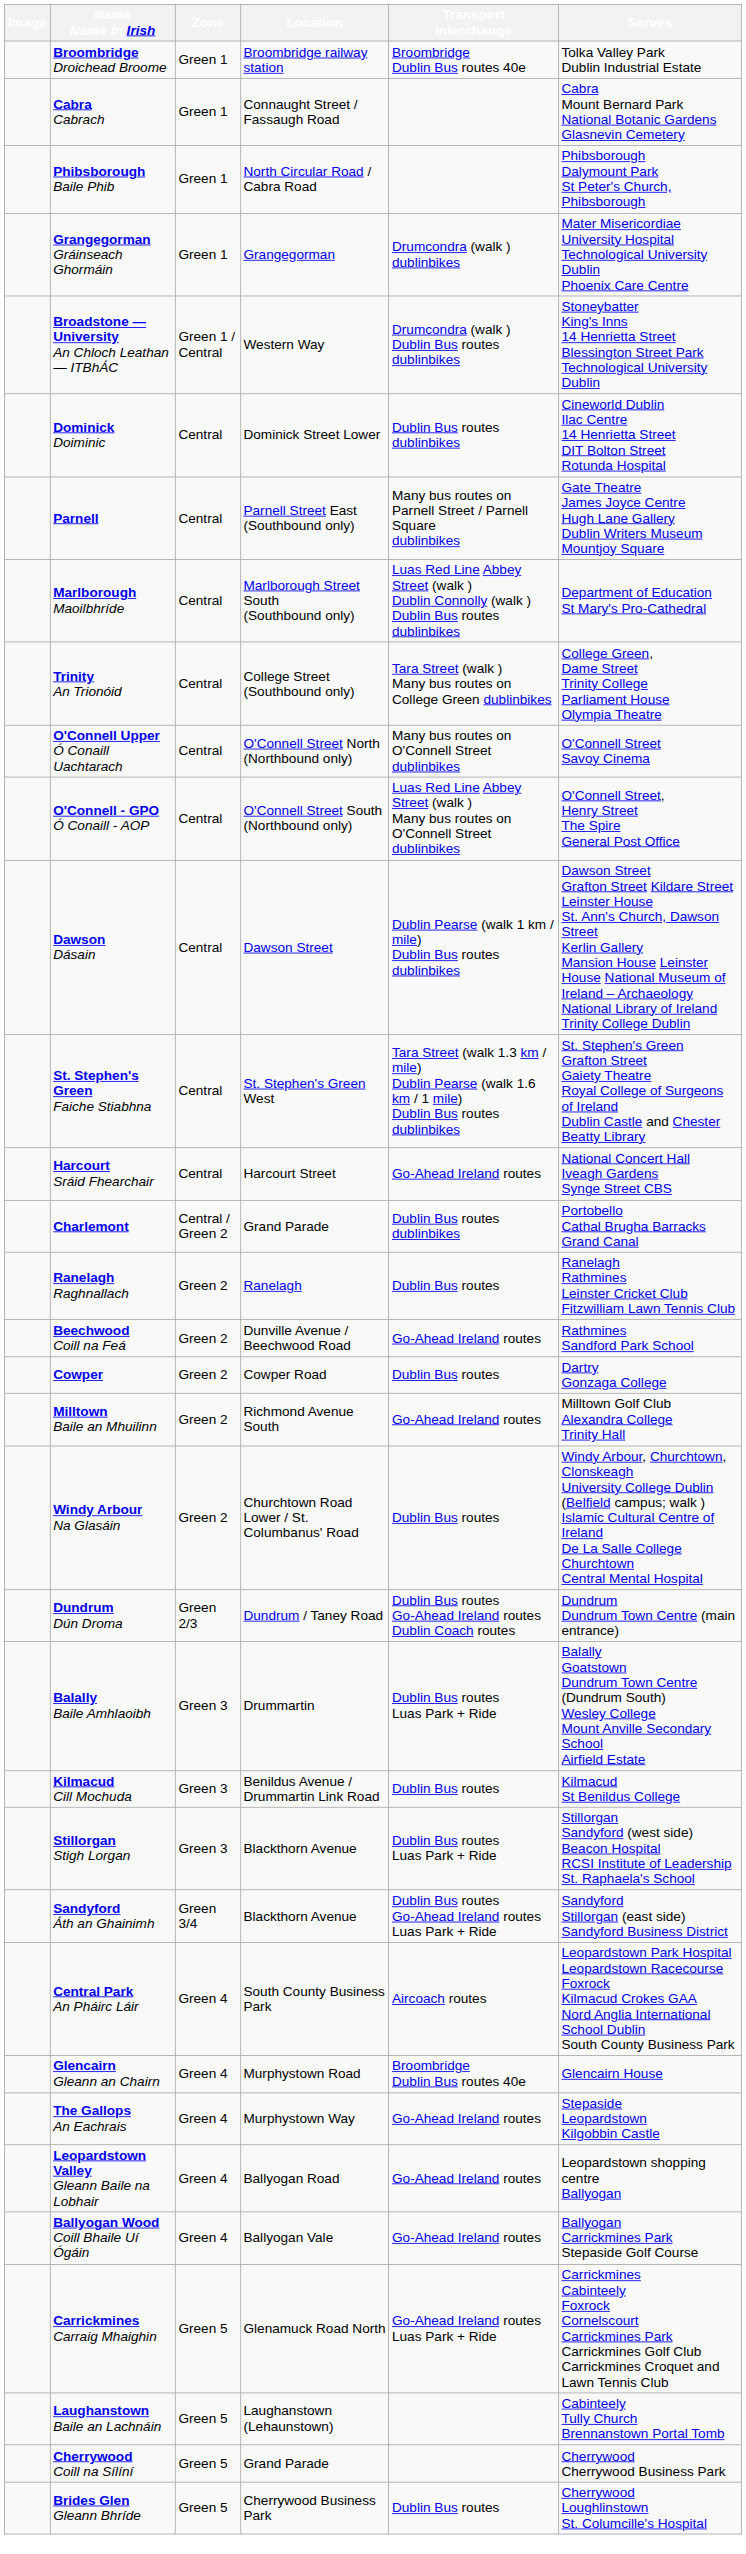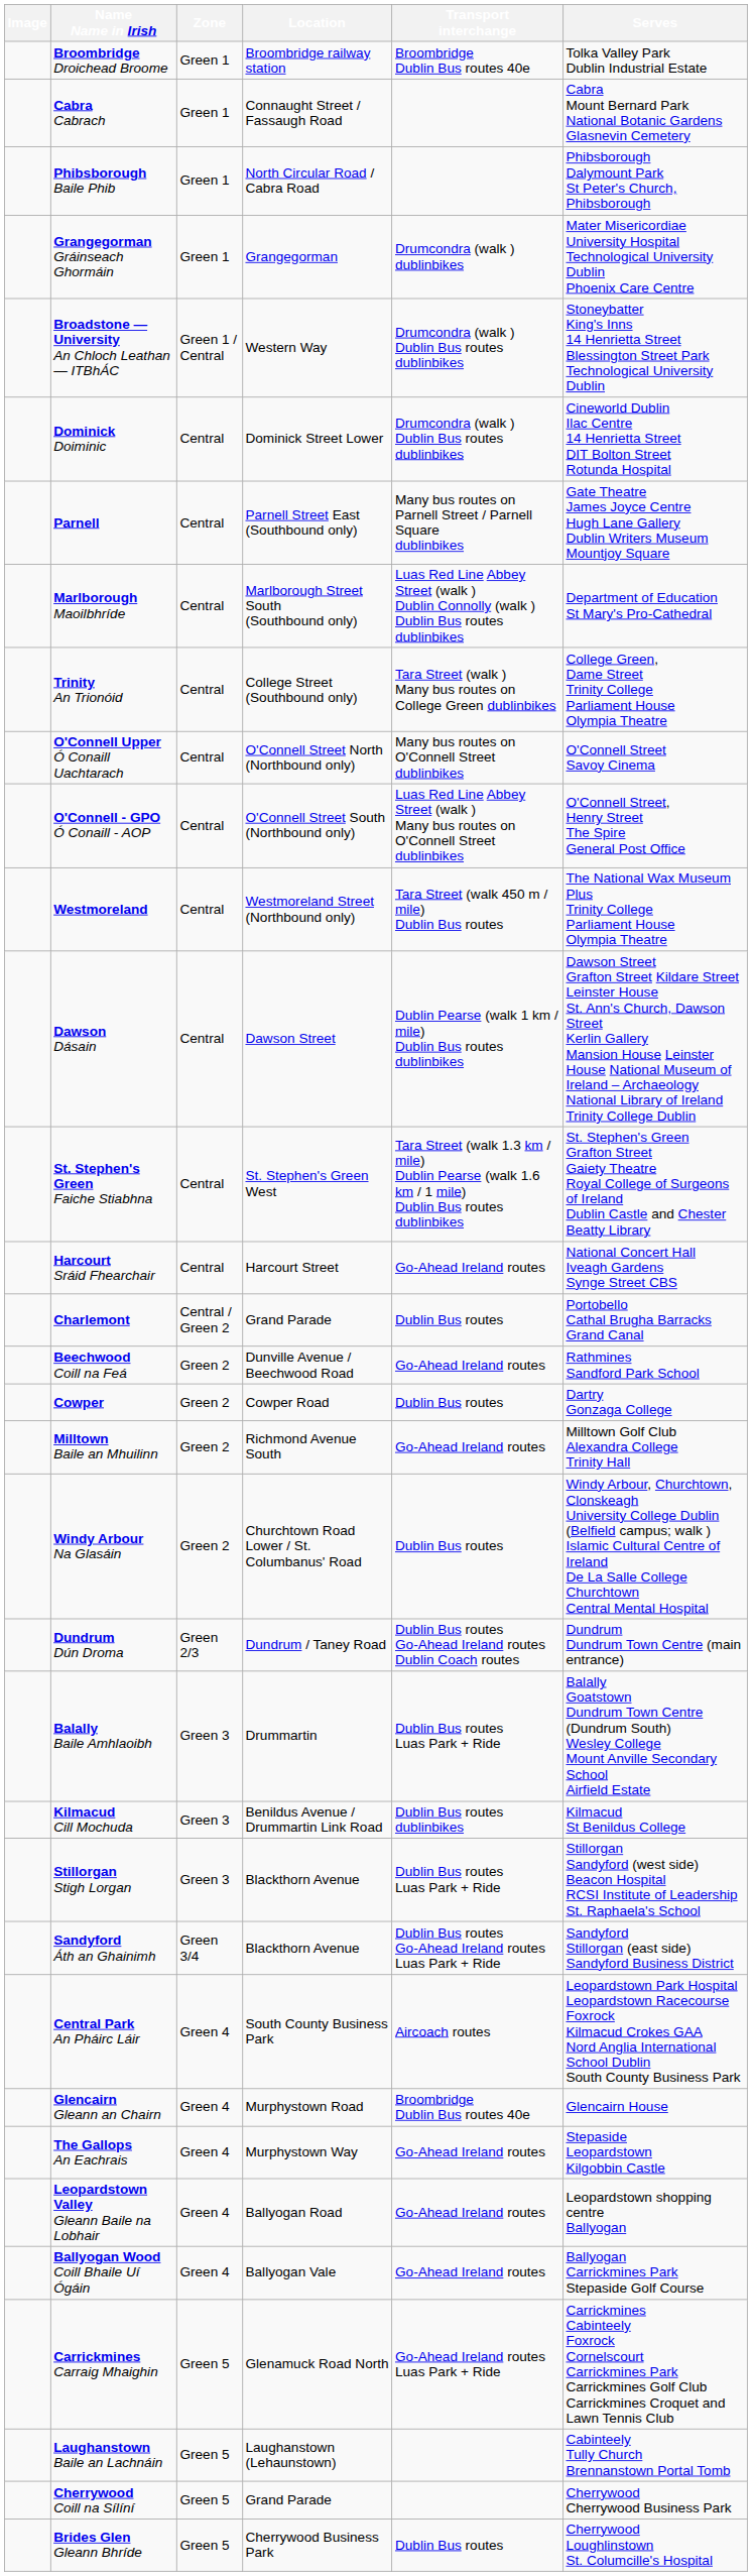 <table class="wikitable" style="text-align: left">
 <tr>
 <th style="color: white; background-color: #">Image</th>
 <th style="color: white; background-color: #">Name<br><span><em>Name in <a href='#'>Irish</a></em></span></th>
 <th style="color: white; background-color: #">Zone</th>
 <th style="color: white; background-color: #">Location</th>
 <th width=23% style="color: white; background-color: #">Transport<br>interchange</th>
 <th style="color: white; background-color: #">Serves</th>
 </tr>
 <tr>
 <td></td>
 <td><strong><a href='#'>Broombridge</a></strong><br><em>Droichead Broome</em></td>
 <td>Green 1</td>
 <td><a href='#'>Broombridge railway station</a><br> </td>
 <td> <a href='#'>Broombridge</a><br> <a href='#'>Dublin Bus</a> routes 40e</td>
 <td>Tolka Valley Park<br>Dublin Industrial Estate</td>
 </tr>
 <tr>
 <td></td>
 <td><strong><a href='#'>Cabra</a></strong><br><em>Cabrach</em></td>
 <td>Green 1</td>
 <td>Connaught Street / Fassaugh Road <br> </td>
 <td></td>
 <td><a href='#'>Cabra</a><br>Mount Bernard Park<br><a href='#'>National Botanic Gardens</a><br><a href='#'>Glasnevin Cemetery</a></td>
 </tr>
 <tr>
 <td></td>
 <td><strong><a href='#'>Phibsborough</a></strong><br><em>Baile Phib</em></td>
 <td>Green 1</td>
 <td><a href='#'>North Circular Road</a> / Cabra Road<br> </td>
 <td></td>
 <td><a href='#'>Phibsborough</a><br><a href='#'>Dalymount Park</a><br><a href='#'>St Peter's Church, Phibsborough</a></td>
 </tr>
 <tr>
 <td></td>
 <td><strong><a href='#'>Grangegorman</a></strong><br><em>Gráinseach Ghormáin</em></td>
 <td>Green 1</td>
 <td><a href='#'>Grangegorman</a><br></td>
 <td> <a href='#'>Drumcondra</a> (walk )<br> <a href='#'>dublinbikes</a></td>
 <td><a href='#'>Mater Misericordiae University Hospital</a><br><a href='#'>Technological University Dublin</a><br><a href='#'>Phoenix Care Centre</a></td>
 </tr>
 <tr>
 <td></td>
 <td><strong><a href='#'>Broadstone — University</a></strong><br><em>An Chloch Leathan — ITBhÁC</em></td>
 <td>Green 1 / Central</td>
 <td>Western Way<br> </td>
 <td> <a href='#'>Drumcondra</a> (walk )<br> <a href='#'>Dublin Bus</a> routes  <a href='#'>dublinbikes</a></td>
 <td><a href='#'>Stoneybatter</a><br><a href='#'>King's Inns</a><br><a href='#'>14 Henrietta Street</a><br><a href='#'>Blessington Street Park</a><br><a href='#'>Technological University Dublin</a></td>
 </tr>
 <tr>
 <td></td>
 <td><strong><a href='#'>Dominick</a></strong><br><em>Doiminic</em></td>
 <td>Central</td>
 <td>Dominick Street Lower<br> </td>
-<td> <a href='#'>Dublin Bus</a> routes<br> <a href='#'>dublinbikes</a></td>
+<td> <a href='#'>Drumcondra</a> (walk )<br> <a href='#'>Dublin Bus</a> routes  <a href='#'>dublinbikes</a></td>
 <td><a href='#'>Cineworld Dublin</a><br><a href='#'>Ilac Centre</a><br><a href='#'>14 Henrietta Street</a><br><a href='#'>DIT Bolton Street</a><br><a href='#'>Rotunda Hospital</a></td>
 </tr>
 <tr>
 <td></td>
 <td><strong><a href='#'>Parnell</a></strong></td>
 <td>Central</td>
 <td><a href='#'>Parnell Street</a> East<br>  (Southbound only)</td>
 <td>Many bus routes on Parnell Street / Parnell Square<br> <a href='#'>dublinbikes</a></td>
 <td><a href='#'>Gate Theatre</a><br><a href='#'>James Joyce Centre</a><br><a href='#'>Hugh Lane Gallery</a><br><a href='#'>Dublin Writers Museum</a><br><a href='#'>Mountjoy Square</a></td>
 </tr>
 <tr>
 <td></td>
 <td><strong><a href='#'>Marlborough</a></strong><br><em>Maoilbhríde</em></td>
 <td>Central</td>
 <td><a href='#'>Marlborough Street</a> South<br>  (Southbound only)</td>
 <td> <a href='#'>Luas Red Line</a> <a href='#'>Abbey Street</a> (walk )<br> <a href='#'>Dublin Connolly</a> (walk )  <a href='#'>Dublin Bus</a> routes  <a href='#'>dublinbikes</a></td>
 <td><a href='#'>Department of Education</a><br><a href='#'>St Mary's Pro-Cathedral</a></td>
 </tr>
 <tr>
 <td></td>
 <td><strong><a href='#'>Trinity</a></strong><br><em>An Trionóid</em></td>
 <td>Central</td>
 <td>College Street<br>  (Southbound only)</td>
 <td> <a href='#'>Tara Street</a> (walk )<br>Many bus routes on College Green  <a href='#'>dublinbikes</a></td>
 <td><a href='#'>College Green</a>,<br><a href='#'>Dame Street</a><br><a href='#'>Trinity College</a><br><a href='#'>Parliament House</a><br><a href='#'>Olympia Theatre</a></td>
 </tr>
 <tr>
 <td></td>
 <td><strong><a href='#'>O'Connell Upper</a></strong><br><em>Ó Conaill Uachtarach</em></td>
 <td>Central</td>
 <td><a href='#'>O'Connell Street</a> North<br>  (Northbound only)</td>
 <td>Many bus routes on O'Connell Street<br> <a href='#'>dublinbikes</a></td>
 <td><a href='#'>O'Connell Street</a><br><a href='#'>Savoy Cinema</a></td>
 </tr>
 <tr>
 <td></td>
 <td><strong><a href='#'>O'Connell - GPO</a></strong><br><em>Ó Conaill - AOP</em></td>
 <td>Central</td>
 <td><a href='#'>O'Connell Street</a> South<br>  (Northbound only)</td>
 <td> <a href='#'>Luas Red Line</a> <a href='#'>Abbey Street</a> (walk )<br>Many bus routes on O'Connell Street<br> <a href='#'>dublinbikes</a></td>
 <td><a href='#'>O'Connell Street</a>,<br><a href='#'>Henry Street</a><br><a href='#'>The Spire</a><br><a href='#'>General Post Office</a></td>
 </tr>
 <tr>
 <td></td>
+<td><strong><a href='#'>Westmoreland</a></strong></td>
+<td>Central</td>
+<td><a href='#'>Westmoreland Street</a><br>  (Northbound only)</td>
+<td> <a href='#'>Tara Street</a> (walk 450 m /  <a href='#'>mile</a>)<br> <a href='#'>Dublin Bus</a> routes</td>
+<td><a href='#'>The National Wax Museum Plus</a><br><a href='#'>Trinity College</a><br><a href='#'>Parliament House</a><br><a href='#'>Olympia Theatre</a></td>
+</tr>
+<tr>
+<td></td>
 <td><strong><a href='#'>Dawson</a></strong><br><em>Dásain</em></td>
 <td>Central</td>
 <td><a href='#'>Dawson Street</a><br> </td>
 <td> <a href='#'>Dublin Pearse</a> (walk 1 km /  <a href='#'>mile</a>)<br> <a href='#'>Dublin Bus</a> routes  <a href='#'>dublinbikes</a></td>
 <td><a href='#'>Dawson Street</a><br><a href='#'>Grafton Street</a> <a href='#'>Kildare Street</a><br><a href='#'>Leinster House</a><br><a href='#'>St. Ann's Church, Dawson Street</a><br><a href='#'>Kerlin Gallery</a><br><a href='#'>Mansion House</a> <a href='#'>Leinster House</a> <a href='#'>National Museum of Ireland – Archaeology</a><br><a href='#'>National Library of Ireland</a><br><a href='#'>Trinity College Dublin</a></td>
 </tr>
 <tr>
 <td></td>
 <td><strong><a href='#'>St. Stephen's Green</a></strong><br><em>Faiche Stiabhna</em></td>
 <td>Central</td>
 <td><a href='#'>St. Stephen's Green</a> West<br> </td>
 <td> <a href='#'>Tara Street</a> (walk 1.3 <a href='#'>km</a> /  <a href='#'>mile</a>)<br> <a href='#'>Dublin Pearse</a> (walk 1.6 <a href='#'>km</a> / 1 <a href='#'>mile</a>)<br> <a href='#'>Dublin Bus</a> routes<br> <a href='#'>dublinbikes</a> <br></td>
 <td><a href='#'>St. Stephen's Green</a><br><a href='#'>Grafton Street</a><br><a href='#'>Gaiety Theatre</a><br><a href='#'>Royal College of Surgeons of Ireland</a><br><a href='#'>Dublin Castle</a> and <a href='#'>Chester Beatty Library</a></td>
 </tr>
 <tr>
 <td></td>
 <td><strong><a href='#'>Harcourt</a></strong><br><em>Sráid Fhearchair</em></td>
 <td>Central</td>
 <td>Harcourt Street<br> </td>
 <td> <a href='#'>Go-Ahead Ireland</a> routes</td>
 <td><a href='#'>National Concert Hall</a><br><a href='#'>Iveagh Gardens</a><br><a href='#'>Synge Street CBS</a></td>
 </tr>
 <tr>
 <td></td>
 <td><strong><a href='#'>Charlemont</a></strong></td>
 <td>Central / Green 2</td>
 <td>Grand Parade<br> </td>
-<td> <a href='#'>Dublin Bus</a> routes<br> <a href='#'>dublinbikes</a></td>
+<td> <a href='#'>Dublin Bus</a> routes</td>
 <td><a href='#'>Portobello</a><br><a href='#'>Cathal Brugha Barracks</a><br><a href='#'>Grand Canal</a></td>
-</tr>
-<tr>
-<td></td>
-<td><strong><a href='#'>Ranelagh</a></strong><br><em>Raghnallach</em></td>
-<td>Green 2</td>
-<td><a href='#'>Ranelagh</a><br> </td>
-<td> <a href='#'>Dublin Bus</a> routes</td>
-<td><a href='#'>Ranelagh</a><br><a href='#'>Rathmines</a><br><a href='#'>Leinster Cricket Club</a><br><a href='#'>Fitzwilliam Lawn Tennis Club</a></td>
 </tr>
 <tr>
 <td></td>
 <td><strong><a href='#'>Beechwood</a></strong><br><em>Coill na Feá</em></td>
 <td>Green 2</td>
 <td>Dunville Avenue / Beechwood Road<br> </td>
 <td> <a href='#'>Go-Ahead Ireland</a> routes</td>
 <td><a href='#'>Rathmines</a><br><a href='#'>Sandford Park School</a><br></td>
 </tr>
 <tr>
 <td></td>
 <td><strong><a href='#'>Cowper</a></strong></td>
 <td>Green 2</td>
 <td>Cowper Road<br> </td>
 <td> <a href='#'>Dublin Bus</a> routes</td>
 <td><a href='#'>Dartry</a><br><a href='#'>Gonzaga College</a></td>
 </tr>
 <tr>
 <td></td>
 <td><strong><a href='#'>Milltown</a></strong><br><em>Baile an Mhuilinn</em></td>
 <td>Green 2</td>
 <td>Richmond Avenue South<br> </td>
 <td> <a href='#'>Go-Ahead Ireland</a> routes</td>
 <td>Milltown Golf Club<br><a href='#'>Alexandra College</a><br><a href='#'>Trinity Hall</a></td>
 </tr>
 <tr>
 <td></td>
 <td><strong><a href='#'>Windy Arbour</a></strong><br><em>Na Glasáin</em></td>
 <td>Green 2</td>
 <td>Churchtown Road Lower / St. Columbanus' Road<br> </td>
 <td> <a href='#'>Dublin Bus</a> routes</td>
 <td><a href='#'>Windy Arbour</a>, <a href='#'>Churchtown</a>, <a href='#'>Clonskeagh</a><br><a href='#'>University College Dublin</a> (<a href='#'>Belfield</a> campus; walk )<br><a href='#'>Islamic Cultural Centre of Ireland</a><br><a href='#'>De La Salle College Churchtown</a><br><a href='#'>Central Mental Hospital</a></td>
 </tr>
 <tr>
 <td></td>
 <td><strong><a href='#'>Dundrum</a></strong><br><em>Dún Droma</em></td>
 <td>Green 2/3</td>
 <td><a href='#'>Dundrum</a> / Taney Road<br> </td>
 <td> <a href='#'>Dublin Bus</a> routes<br> <a href='#'>Go-Ahead Ireland</a> routes  <a href='#'>Dublin Coach</a> routes</td>
 <td><a href='#'>Dundrum</a><br><a href='#'>Dundrum Town Centre</a> (main entrance)</td>
 </tr>
 <tr>
 <td></td>
 <td><strong><a href='#'>Balally</a></strong><br><em>Baile Amhlaoibh</em></td>
 <td>Green 3</td>
 <td>Drummartin<br> </td>
 <td> <a href='#'>Dublin Bus</a> routes<br>Luas Park + Ride</td>
 <td><a href='#'>Balally</a><br><a href='#'>Goatstown</a><br><a href='#'>Dundrum Town Centre</a> (Dundrum South)<br><a href='#'>Wesley College</a><br><a href='#'>Mount Anville Secondary School</a><br><a href='#'>Airfield Estate</a></td>
 </tr>
 <tr>
 <td></td>
 <td><strong><a href='#'>Kilmacud</a></strong><br><em>Cill Mochuda</em></td>
 <td>Green 3</td>
 <td>Benildus Avenue / Drummartin Link Road<br> </td>
-<td> <a href='#'>Dublin Bus</a> routes</td>
+<td> <a href='#'>Dublin Bus</a> routes<br> <a href='#'>dublinbikes</a></td>
 <td><a href='#'>Kilmacud</a><br><a href='#'>St Benildus College</a></td>
 </tr>
 <tr>
 <td></td>
 <td><strong><a href='#'>Stillorgan</a></strong><br><em>Stigh Lorgan</em></td>
 <td>Green 3</td>
 <td>Blackthorn Avenue<br> </td>
 <td> <a href='#'>Dublin Bus</a> routes<br>Luas Park + Ride</td>
 <td><a href='#'>Stillorgan</a><br><a href='#'>Sandyford</a> (west side)<br><a href='#'>Beacon Hospital</a><br><a href='#'>RCSI Institute of Leadership</a><br><a href='#'>St. Raphaela's School</a></td>
 </tr>
 <tr>
 <td></td>
 <td><strong><a href='#'>Sandyford</a></strong><br><em>Áth an Ghainimh</em></td>
 <td>Green 3/4</td>
 <td>Blackthorn Avenue<br> </td>
 <td> <a href='#'>Dublin Bus</a> routes<br> <a href='#'>Go-Ahead Ireland</a> routes<br>Luas Park + Ride</td>
 <td><a href='#'>Sandyford</a><br><a href='#'>Stillorgan</a> (east side)<br><a href='#'>Sandyford Business District</a></td>
 </tr>
 <tr>
 <td></td>
 <td><strong><a href='#'>Central Park</a></strong><br><em>An Pháirc Láir</em></td>
 <td>Green 4</td>
 <td>South County Business Park<br> </td>
 <td> <a href='#'>Aircoach</a> routes</td>
 <td><a href='#'>Leopardstown Park Hospital</a><br><a href='#'>Leopardstown Racecourse</a><br><a href='#'>Foxrock</a><br><a href='#'>Kilmacud Crokes GAA</a><br><a href='#'>Nord Anglia International School Dublin</a><br>South County Business Park</td>
 </tr>
 <tr>
 <td></td>
 <td><strong><a href='#'>Glencairn</a></strong><br><em>Gleann an Chairn</em></td>
 <td>Green 4</td>
 <td>Murphystown Road<br> </td>
 <td> <a href='#'>Broombridge</a><br> <a href='#'>Dublin Bus</a> routes 40e</td>
 <td><a href='#'>Glencairn House</a></td>
 </tr>
 <tr>
 <td></td>
 <td><strong><a href='#'>The Gallops</a></strong><br><em>An Eachrais</em></td>
 <td>Green 4</td>
 <td>Murphystown Way<br> </td>
 <td> <a href='#'>Go-Ahead Ireland</a> routes</td>
 <td><a href='#'>Stepaside</a><br><a href='#'>Leopardstown</a><br><a href='#'>Kilgobbin Castle</a></td>
 </tr>
 <tr>
 <td></td>
 <td><strong><a href='#'>Leopardstown Valley</a></strong><br><em>Gleann Baile na Lobhair</em></td>
 <td>Green 4</td>
 <td>Ballyogan Road<br> </td>
 <td> <a href='#'>Go-Ahead Ireland</a> routes</td>
 <td>Leopardstown shopping centre<br><a href='#'>Ballyogan</a></td>
 </tr>
 <tr>
 <td></td>
 <td><strong><a href='#'>Ballyogan Wood</a></strong><br><em>Coill Bhaile Uí Ógáin</em></td>
 <td>Green 4</td>
 <td>Ballyogan Vale<br> </td>
 <td> <a href='#'>Go-Ahead Ireland</a> routes</td>
 <td><a href='#'>Ballyogan</a><br><a href='#'>Carrickmines Park</a><br>Stepaside Golf Course</td>
 </tr>
 <tr>
 <td></td>
 <td><strong><a href='#'>Carrickmines</a></strong><br><em>Carraig Mhaighin</em></td>
 <td>Green 5</td>
 <td>Glenamuck Road North<br> </td>
 <td> <a href='#'>Go-Ahead Ireland</a> routes<br>Luas Park + Ride</td>
 <td><a href='#'>Carrickmines</a><br><a href='#'>Cabinteely</a><br><a href='#'>Foxrock</a><br><a href='#'>Cornelscourt</a><br><a href='#'>Carrickmines Park</a><br>Carrickmines Golf Club<br>Carrickmines Croquet and Lawn Tennis Club</td>
 </tr>
 <tr>
 <td></td>
 <td><strong><a href='#'>Laughanstown</a></strong><br><em>Baile an Lachnáin</em></td>
 <td>Green 5</td>
 <td>Laughanstown (Lehaunstown)<br> </td>
 <td></td>
 <td><a href='#'>Cabinteely</a><br><a href='#'>Tully Church</a><br><a href='#'>Brennanstown Portal Tomb</a></td>
 </tr>
 <tr>
 <td></td>
 <td><strong><a href='#'>Cherrywood</a></strong><br><em>Coill na Sílíní</em></td>
 <td>Green 5</td>
 <td>Grand Parade<br> </td>
 <td></td>
 <td><a href='#'>Cherrywood</a><br>Cherrywood Business Park</td>
 </tr>
 <tr>
 <td></td>
 <td><strong><a href='#'>Brides Glen</a></strong><br><em>Gleann Bhríde</em></td>
 <td>Green 5</td>
 <td>Cherrywood Business Park<br> </td>
 <td> <a href='#'>Dublin Bus</a> routes</td>
 <td><a href='#'>Cherrywood</a><br><a href='#'>Loughlinstown</a><br><a href='#'>St. Columcille's Hospital</a></td>
 </tr>
 </table>
